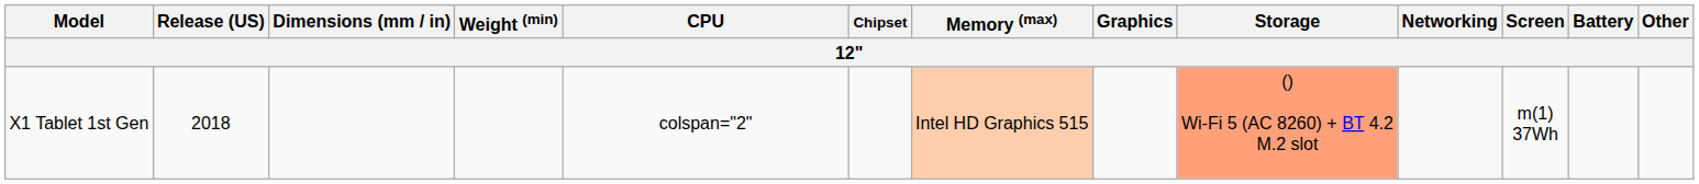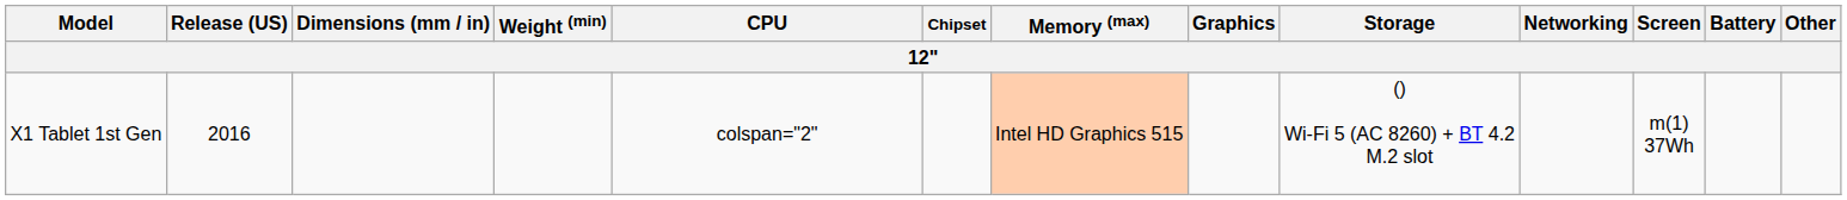 <table class="wikitable" style="font-size: 80%; text-align: center; min-width: 80%;">
 <tr>
 <th>Model</th>
 <th>Release (US)</th>
 <th>Dimensions (mm / in)</th>
 <th>Weight <sup>(min)</sup></th>
 <th style="width:17%">CPU</th>
 <th><small>Chipset</small></th>
 <th>Memory <sup>(max)</sup></th>
 <th>Graphics</th>
 <th>Storage</th>
 <th>Networking</th>
 <th>Screen</th>
 <th>Battery</th>
 <th>Other</th>
 </tr>
 <tr>
 <th colspan=13>12"</th>
 </tr>
 <tr>
 <td>X1 Tablet 1st Gen </td>
-<td>2018</td>
+<td>2016</td>
 <td></td>
 <td></td>
 <td>colspan="2" </td>
 <td></td>
 <td style="background:#ffcead;">Intel HD Graphics 515</td>
 <td></td>
-<td style="background: lightsalmon;">()<br><br>Wi-Fi 5 (AC 8260) + <a href='#'>BT</a> 4.2 <br>M.2 slot<br><br><small></small></td>
+<td>()<br><br>Wi-Fi 5 (AC 8260) + <a href='#'>BT</a> 4.2 <br>M.2 slot<br><br><small></small></td>
 <td></td>
 <td style="background:">m(1)<br>37Wh</td>
 <td><br></td>
 </tr>
 </table>
